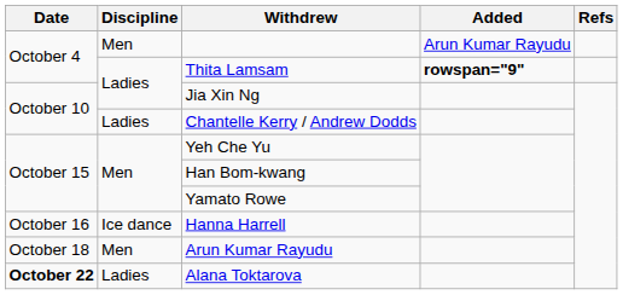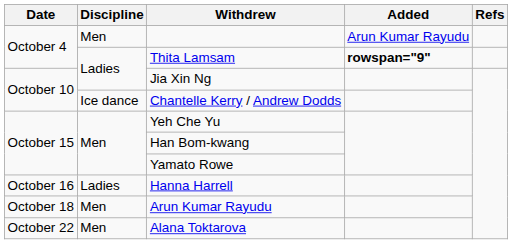 <table class="wikitable sortable">
 <tr>
 <th>Date</th>
 <th>Discipline</th>
 <th>Withdrew</th>
 <th>Added</th>
 <th>Refs</th>
 </tr>
 <tr>
 <td rowspan=2>October 4</td>
 <td>Men</td>
 <td></td>
 <td> <a href='#'>Arun Kumar Rayudu</a></td>
 <td></td>
 </tr>
 <tr>
 <td rowspan="2">Ladies</td>
 <td> <a href='#'>Thita Lamsam</a></td>
 <td><strong>rowspan="9" </strong></td>
 <td></td>
 </tr>
 <tr>
 <td rowspan=2>October 10</td>
 <td> Jia Xin Ng</td>
 <td></td>
 </tr>
 <tr>
-<td>Ladies</td>
+<td>Ice dance</td>
 <td> <a href='#'>Chantelle Kerry</a> / <a href='#'>Andrew Dodds</a></td>
 <td></td>
 </tr>
 <tr>
 <td rowspan=3>October 15</td>
 <td rowspan=3>Men</td>
 <td> Yeh Che Yu</td>
 <td rowspan=3></td>
 </tr>
 <tr>
 <td> Han Bom-kwang</td>
 </tr>
 <tr>
 <td> Yamato Rowe</td>
 </tr>
 <tr>
 <td>October 16</td>
-<td>Ice dance</td>
+<td>Ladies</td>
 <td> <a href='#'>Hanna Harrell</a></td>
 <td></td>
 </tr>
 <tr>
 <td>October 18</td>
 <td>Men</td>
 <td> <a href='#'>Arun Kumar Rayudu</a></td>
 <td></td>
 </tr>
 <tr>
-<td><strong>October 22</strong></td>
-<td>Ladies</td>
+<td>October 22</td>
+<td>Men</td>
 <td> <a href='#'>Alana Toktarova</a></td>
 <td></td>
 </tr>
 </table>
